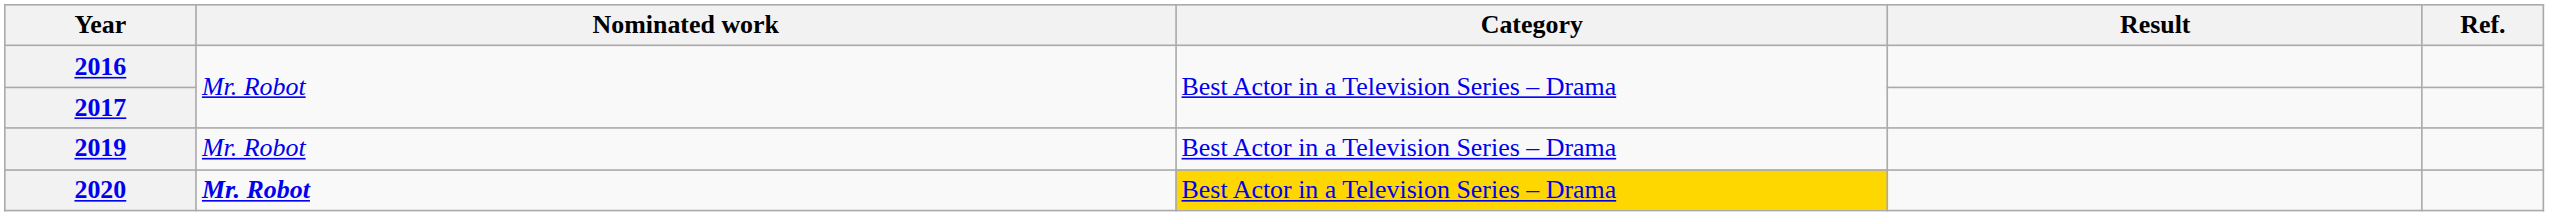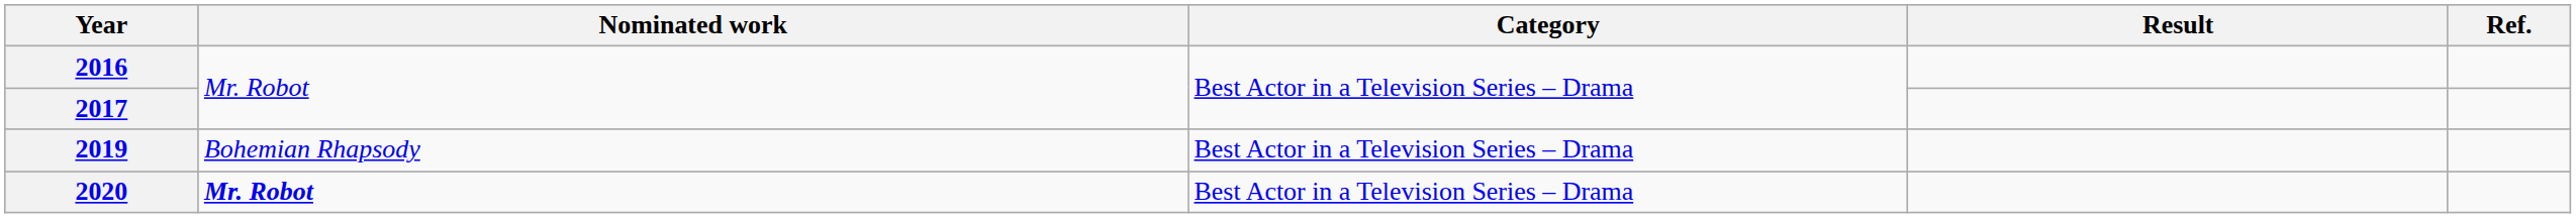 <table class="wikitable">
 <tr>
 <th width=2%>Year</th>
 <th width=11%>Nominated work</th>
 <th width=8%>Category</th>
 <th width=6%>Result</th>
 <th width=1%>Ref.</th>
 </tr>
 <tr>
 <th scope=row><a href='#'>2016</a></th>
 <td rowspan="2"><em><a href='#'>Mr. Robot</a></em></td>
 <td rowspan="2"><a href='#'>Best Actor in a Television Series – Drama</a></td>
 <td></td>
 <td style="text-align:center;"></td>
 </tr>
 <tr>
 <th scope=row><a href='#'>2017</a></th>
 <td></td>
 <td style="text-align:center;"></td>
 </tr>
 <tr>
 <th scope=row><a href='#'>2019</a></th>
-<td><em><a href='#'>Mr. Robot</a></em></td>
+<td><em><a href='#'>Bohemian Rhapsody</a></em></td>
 <td><a href='#'>Best Actor in a Television Series – Drama</a></td>
 <td></td>
 <td style="text-align:center;"></td>
 </tr>
 <tr>
 <th><a href='#'>2020</a></th>
 <td><strong><em><a href='#'>Mr. Robot</a></em></strong></td>
-<td style="background: gold;"><a href='#'>Best Actor in a Television Series – Drama</a></td>
+<td><a href='#'>Best Actor in a Television Series – Drama</a></td>
 <td></td>
 <td style="text-align:center;"></td>
 </tr>
 </table>
